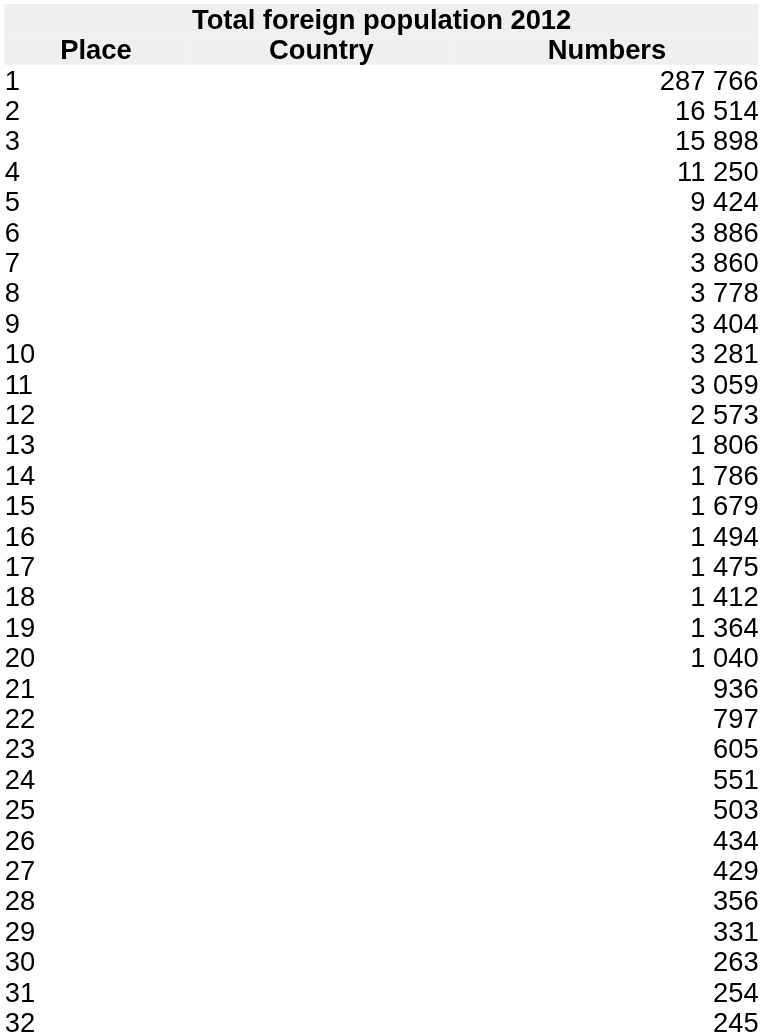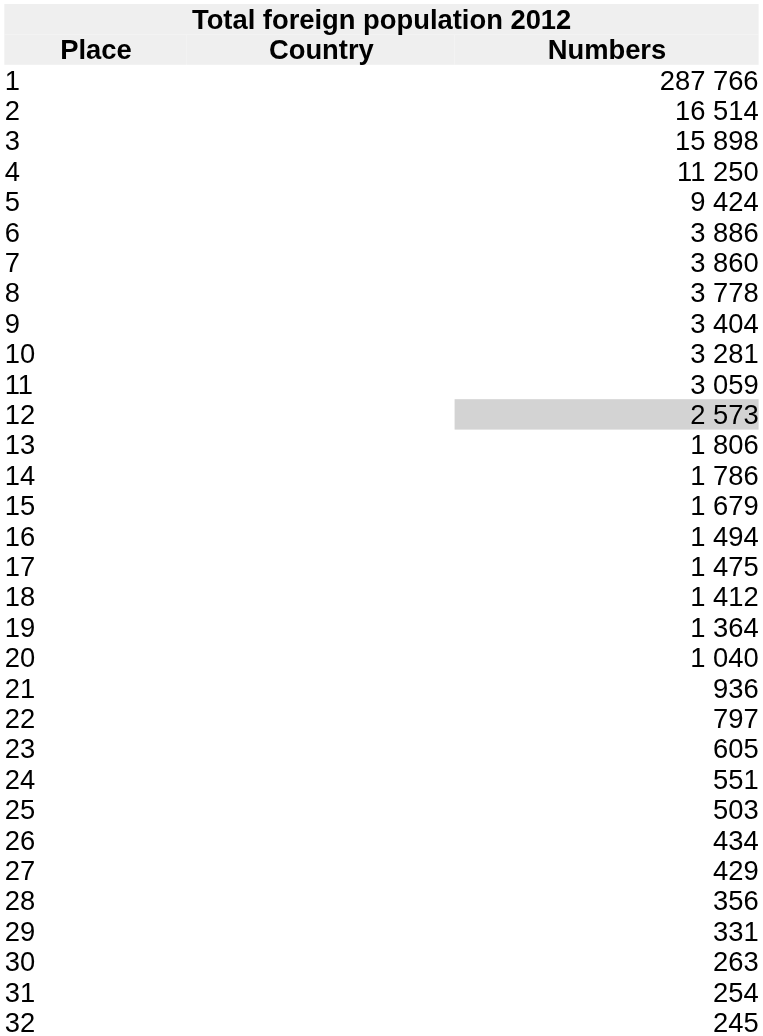 <table class="toc" cellpadding=0 cellspacing=0 width=20% style="float:right;clear:all; margin-left:20px; font-size:90%;">
 <tr>
 <th colspan=8  bgcolor="#efefef">Total foreign population 2012</th>
 </tr>
 <tr bgcolor="#efefef">
 <th>Place</th>
 <th>Country</th>
 <th>Numbers</th>
 </tr>
 <tr>
 <td>1</td>
 <td></td>
 <td align="right">287 766</td>
 </tr>
 <tr>
 <td>2</td>
 <td></td>
 <td align="right">16 514</td>
 </tr>
 <tr>
 <td>3</td>
 <td></td>
 <td align="right">15 898</td>
 </tr>
 <tr>
 <td>4</td>
 <td></td>
 <td align="right">11 250</td>
 </tr>
 <tr>
 <td>5</td>
 <td></td>
 <td align="right">9 424</td>
 </tr>
 <tr>
 <td>6</td>
 <td></td>
 <td align="right"> 3 886</td>
 </tr>
 <tr>
 <td>7</td>
 <td></td>
 <td align="right">3 860</td>
 </tr>
 <tr>
 <td>8</td>
 <td></td>
 <td align="right">3 778</td>
 </tr>
 <tr>
 <td>9</td>
 <td></td>
 <td align="right">3 404</td>
 </tr>
 <tr>
 <td>10</td>
 <td></td>
 <td align="right">3 281</td>
 </tr>
 <tr>
 <td>11</td>
 <td></td>
 <td align="right">3 059</td>
 </tr>
 <tr>
 <td>12</td>
 <td></td>
-<td align="right">2 573</td>
+<td align="right" style="background: lightgrey;">2 573</td>
 </tr>
 <tr>
 <td>13</td>
 <td></td>
 <td align="right"> 1 806</td>
 </tr>
 <tr>
 <td>14</td>
 <td></td>
 <td align="right">1 786</td>
 </tr>
 <tr>
 <td>15</td>
 <td></td>
 <td align="right"> 1 679</td>
 </tr>
 <tr>
 <td>16</td>
 <td></td>
 <td align="right">1 494</td>
 </tr>
 <tr>
 <td>17</td>
 <td></td>
 <td align="right">1 475</td>
 </tr>
 <tr>
 <td>18</td>
 <td></td>
 <td align="right">1 412</td>
 </tr>
 <tr>
 <td>19</td>
 <td></td>
 <td align="right">1 364</td>
 </tr>
 <tr>
 <td>20</td>
 <td></td>
 <td align="right">1 040</td>
 </tr>
 <tr>
 <td>21</td>
 <td></td>
 <td align="right">936</td>
 </tr>
 <tr>
 <td>22</td>
 <td></td>
 <td align="right">797</td>
 </tr>
 <tr>
 <td>23</td>
 <td></td>
 <td align="right">605</td>
 </tr>
 <tr>
 <td>24</td>
 <td></td>
 <td align="right">551</td>
 </tr>
 <tr>
 <td>25</td>
 <td></td>
 <td align="right">503</td>
 </tr>
 <tr>
 <td>26</td>
 <td></td>
 <td align="right">434</td>
 </tr>
 <tr>
 <td>27</td>
 <td></td>
 <td align="right">429</td>
 </tr>
 <tr>
 <td>28</td>
 <td></td>
 <td align="right">356</td>
 </tr>
 <tr>
 <td>29</td>
 <td></td>
 <td align="right">331</td>
 </tr>
 <tr>
 <td>30</td>
 <td></td>
 <td align="right">263</td>
 </tr>
 <tr>
 <td>31</td>
 <td></td>
 <td align="right">254</td>
 </tr>
 <tr>
 <td>32</td>
 <td></td>
 <td align="right">245</td>
 </tr>
 </table>
